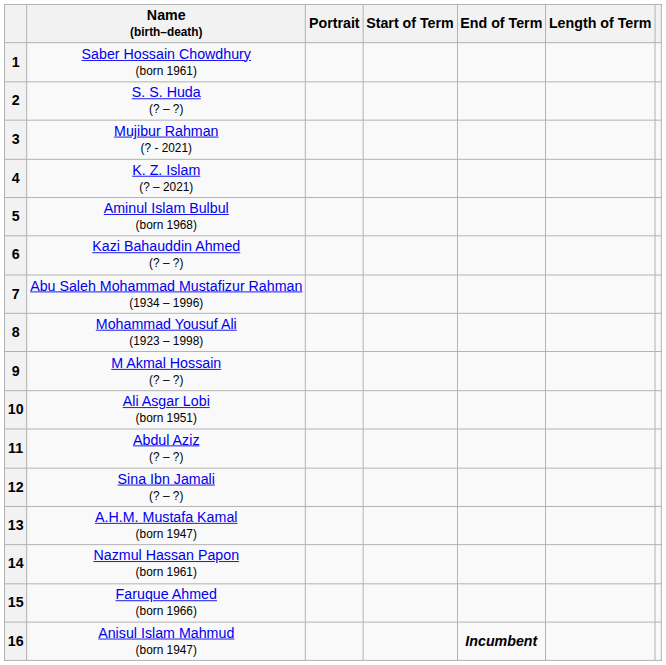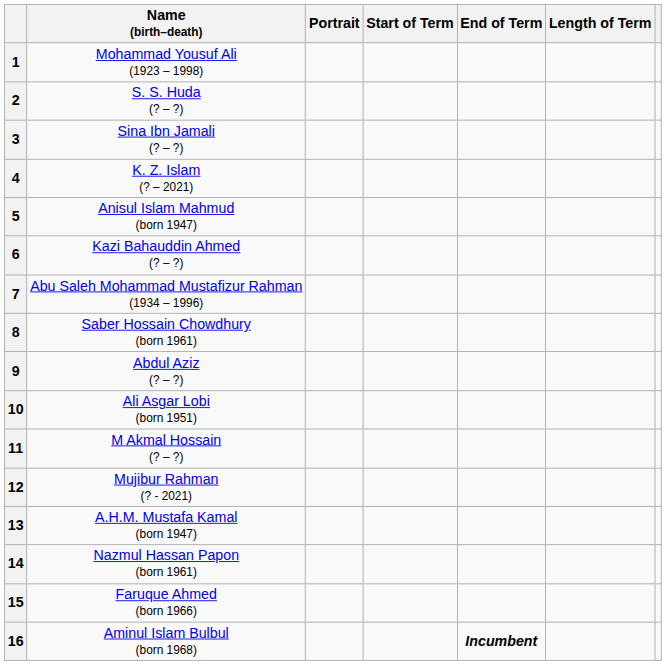 <table class="wikitable sortable" style="text-align:center">
 <tr>
 <th scope=col></th>
 <th scope=col>Name<br><small>(birth–death)</small></th>
 <th scope=col  class=unsortable>Portrait</th>
 <th scope=col>Start of Term</th>
 <th scope=col>End of Term</th>
 <th scope=col>Length of Term</th>
 <th scope=col class=unsortable></th>
 </tr>
 <tr>
 <th scope=row>1</th>
-<td><a href='#'>Saber Hossain Chowdhury</a><br><small>(born 1961)</small></td>
+<td><a href='#'>Mohammad Yousuf Ali</a><br><small>(1923 – 1998)</small></td>
 <td></td>
 <td></td>
 <td></td>
 <td></td>
 <td></td>
 </tr>
 <tr>
 <th scope=row>2</th>
 <td><a href='#'>S. S. Huda</a><br><small>(? – ?)</small></td>
 <td></td>
 <td></td>
 <td></td>
 <td></td>
 <td></td>
 </tr>
 <tr>
 <th scope=row>3</th>
-<td><a href='#'>Mujibur Rahman</a><br><small>(? - 2021)</small></td>
+<td><a href='#'>Sina Ibn Jamali</a> <br><small>(? – ?)</small></td>
 <td></td>
 <td></td>
 <td></td>
 <td></td>
 <td></td>
 </tr>
 <tr>
 <th scope=row>4</th>
 <td><a href='#'>K. Z. Islam</a><br><small>(? – 2021)</small></td>
 <td></td>
 <td></td>
 <td></td>
 <td></td>
 <td></td>
 </tr>
 <tr>
 <th scope=row>5</th>
-<td><a href='#'>Aminul Islam Bulbul</a><br><small>(born 1968)</small></td>
+<td><a href='#'>Anisul Islam Mahmud</a><br><small>(born 1947)</small></td>
 <td></td>
 <td></td>
 <td></td>
 <td></td>
 <td></td>
 </tr>
 <tr>
 <th scope=row>6</th>
 <td><a href='#'>Kazi Bahauddin Ahmed</a><br><small>(? – ?)</small></td>
 <td></td>
 <td></td>
 <td></td>
 <td></td>
 <td></td>
 </tr>
 <tr>
 <th scope=row>7</th>
 <td><a href='#'>Abu Saleh Mohammad Mustafizur Rahman</a><br><small>(1934 – 1996)</small></td>
 <td></td>
 <td></td>
 <td></td>
 <td></td>
 <td></td>
 </tr>
 <tr>
 <th scope=row>8</th>
-<td><a href='#'>Mohammad Yousuf Ali</a><br><small>(1923 – 1998)</small></td>
+<td><a href='#'>Saber Hossain Chowdhury</a><br><small>(born 1961)</small></td>
 <td></td>
 <td></td>
 <td></td>
 <td></td>
 <td></td>
 </tr>
 <tr>
 <th scope=row>9</th>
-<td><a href='#'>M Akmal Hossain</a><br><small>(? – ?)</small></td>
+<td><a href='#'>Abdul Aziz</a><br><small>(? – ?)</small></td>
 <td></td>
 <td></td>
 <td></td>
 <td></td>
 <td></td>
 </tr>
 <tr>
 <th scope=row>10</th>
 <td><a href='#'>Ali Asgar Lobi</a><br><small>(born 1951)</small></td>
 <td></td>
 <td></td>
 <td></td>
 <td></td>
 <td></td>
 </tr>
 <tr>
 <th scope=row>11</th>
-<td><a href='#'>Abdul Aziz</a><br><small>(? – ?)</small></td>
+<td><a href='#'>M Akmal Hossain</a><br><small>(? – ?)</small></td>
 <td></td>
 <td></td>
 <td></td>
 <td></td>
 </tr>
 <tr>
 <th scope=row>12</th>
-<td><a href='#'>Sina Ibn Jamali</a> <br><small>(? – ?)</small></td>
+<td><a href='#'>Mujibur Rahman</a><br><small>(? - 2021)</small></td>
 <td></td>
 <td></td>
 <td></td>
 <td></td>
 <td></td>
 </tr>
 <tr>
 <th scope=row>13</th>
 <td><a href='#'>A.H.M. Mustafa Kamal</a><br><small>(born 1947)</small></td>
 <td></td>
 <td></td>
 <td></td>
 <td></td>
 <td></td>
 </tr>
 <tr>
 <th scope=row>14</th>
 <td><a href='#'>Nazmul Hassan Papon</a><br><small>(born 1961)</small></td>
 <td></td>
 <td></td>
 <td></td>
 <td></td>
 <td></td>
 </tr>
 <tr>
 <th scope=row>15</th>
 <td><a href='#'>Faruque Ahmed</a><br><small>(born 1966)</small></td>
 <td></td>
 <td></td>
 <td></td>
 <td></td>
 <td></td>
 </tr>
 <tr>
 <th>16</th>
-<td><a href='#'>Anisul Islam Mahmud</a><br><small>(born 1947)</small></td>
+<td><a href='#'>Aminul Islam Bulbul</a><br><small>(born 1968)</small></td>
 <td></td>
 <td></td>
 <td><strong><em>Incumbent</em></strong></td>
 <td></td>
 <td></td>
 </tr>
 </table>
